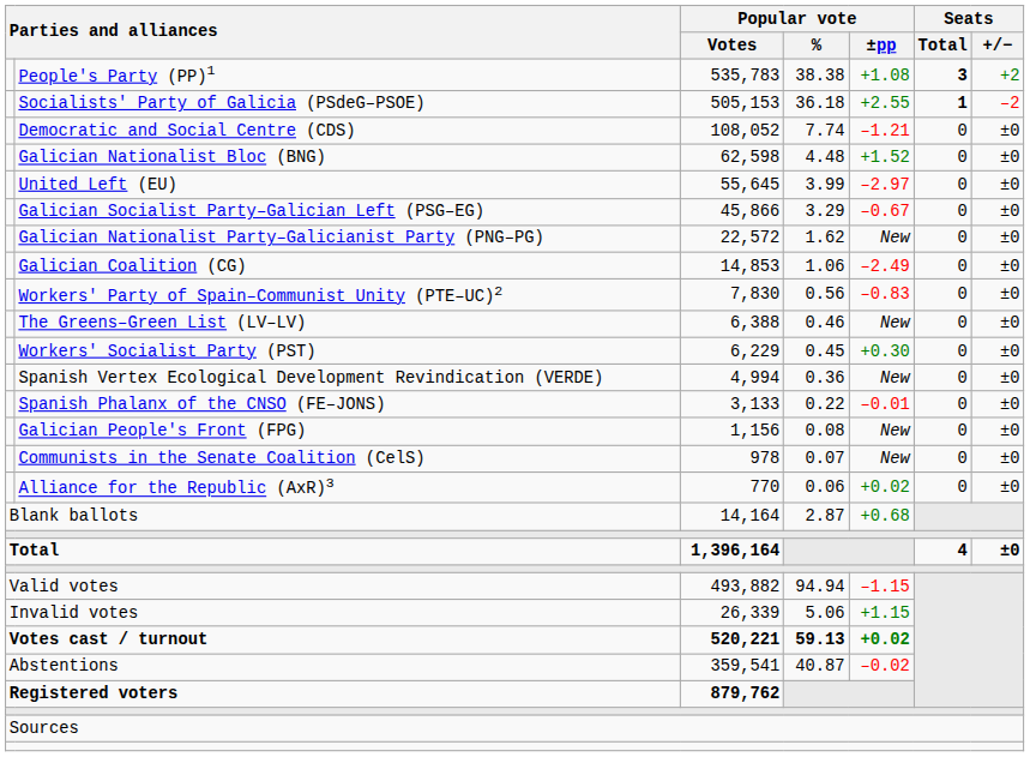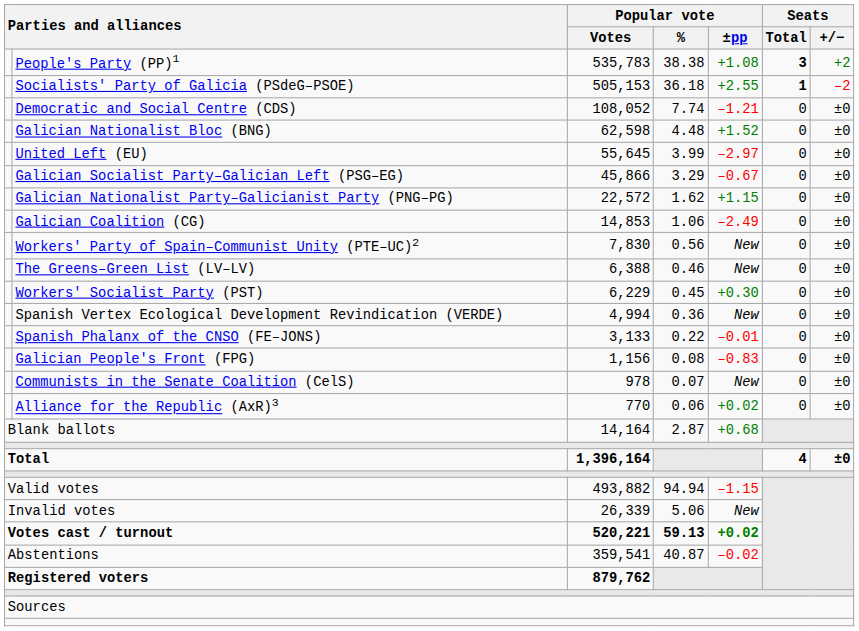 <table class="wikitable" style="text-align:right;">
 <tr>
 <th style="text-align:left;" rowspan="2" colspan="2" width="525">Parties and alliances</th>
 <th colspan="3">Popular vote</th>
 <th colspan="2">Seats</th>
 </tr>
 <tr>
 <th width="75">Votes</th>
 <th width="45">%</th>
 <th width="45">±<a href='#'>pp</a></th>
 <th width="35">Total</th>
 <th width="35">+/−</th>
 </tr>
 <tr>
 <td width="1" style="color:inherit;background:"></td>
 <td align="left"><a href='#'>People's Party</a> (PP)<sup>1</sup></td>
 <td>535,783</td>
 <td>38.38</td>
 <td style="color:green;">+1.08</td>
 <td><strong>3</strong></td>
 <td style="color:green;">+2</td>
 </tr>
 <tr>
 <td style="color:inherit;background:"></td>
 <td align="left"><a href='#'>Socialists' Party of Galicia</a> (PSdeG–PSOE)</td>
 <td>505,153</td>
 <td>36.18</td>
 <td style="color:green;">+2.55</td>
 <td><strong>1</strong></td>
 <td style="color:red;">–2</td>
 </tr>
 <tr>
 <td style="color:inherit;background:"></td>
 <td align="left"><a href='#'>Democratic and Social Centre</a> (CDS)</td>
 <td>108,052</td>
 <td>7.74</td>
 <td style="color:red;">–1.21</td>
 <td>0</td>
 <td>±0</td>
 </tr>
 <tr>
 <td style="color:inherit;background:"></td>
 <td align="left"><a href='#'>Galician Nationalist Bloc</a> (BNG)</td>
 <td>62,598</td>
 <td>4.48</td>
 <td style="color:green;">+1.52</td>
 <td>0</td>
 <td>±0</td>
 </tr>
 <tr>
 <td style="color:inherit;background:"></td>
 <td align="left"><a href='#'>United Left</a> (EU)</td>
 <td>55,645</td>
 <td>3.99</td>
 <td style="color:red;">–2.97</td>
 <td>0</td>
 <td>±0</td>
 </tr>
 <tr>
 <td style="color:inherit;background:"></td>
 <td align="left"><a href='#'>Galician Socialist Party–Galician Left</a> (PSG–EG)</td>
 <td>45,866</td>
 <td>3.29</td>
 <td style="color:red;">–0.67</td>
 <td>0</td>
 <td>±0</td>
 </tr>
 <tr>
 <td style="color:inherit;background:"></td>
 <td align="left"><a href='#'>Galician Nationalist Party–Galicianist Party</a> (PNG–PG)</td>
 <td>22,572</td>
 <td>1.62</td>
-<td><em>New</em></td>
+<td style="color:green;">+1.15</td>
 <td>0</td>
 <td>±0</td>
 </tr>
 <tr>
 <td style="color:inherit;background:"></td>
 <td align="left"><a href='#'>Galician Coalition</a> (CG)</td>
 <td>14,853</td>
 <td>1.06</td>
 <td style="color:red;">–2.49</td>
 <td>0</td>
 <td>±0</td>
 </tr>
 <tr>
 <td style="color:inherit;background:"></td>
 <td align="left"><a href='#'>Workers' Party of Spain–Communist Unity</a> (PTE–UC)<sup>2</sup></td>
 <td>7,830</td>
 <td>0.56</td>
-<td style="color:red;">–0.83</td>
+<td><em>New</em></td>
 <td>0</td>
 <td>±0</td>
 </tr>
 <tr>
 <td style="color:inherit;background:"></td>
 <td align="left"><a href='#'>The Greens–Green List</a> (LV–LV)</td>
 <td>6,388</td>
 <td>0.46</td>
 <td><em>New</em></td>
 <td>0</td>
 <td>±0</td>
 </tr>
 <tr>
 <td style="color:inherit;background:"></td>
 <td align="left"><a href='#'>Workers' Socialist Party</a> (PST)</td>
 <td>6,229</td>
 <td>0.45</td>
 <td style="color:green;">+0.30</td>
 <td>0</td>
 <td>±0</td>
 </tr>
 <tr>
 <td style="color:inherit;background:"></td>
 <td align="left">Spanish Vertex Ecological Development Revindication (VERDE)</td>
 <td>4,994</td>
 <td>0.36</td>
 <td><em>New</em></td>
 <td>0</td>
 <td>±0</td>
 </tr>
 <tr>
 <td style="color:inherit;background:"></td>
 <td align="left"><a href='#'>Spanish Phalanx of the CNSO</a> (FE–JONS)</td>
 <td>3,133</td>
 <td>0.22</td>
 <td style="color:red;">–0.01</td>
 <td>0</td>
 <td>±0</td>
 </tr>
 <tr>
 <td style="color:inherit;background:"></td>
 <td align="left"><a href='#'>Galician People's Front</a> (FPG)</td>
 <td>1,156</td>
 <td>0.08</td>
-<td><em>New</em></td>
+<td style="color:red;">–0.83</td>
 <td>0</td>
 <td>±0</td>
 </tr>
 <tr>
 <td style="color:inherit;background:"></td>
 <td align="left"><a href='#'>Communists in the Senate Coalition</a> (CelS)</td>
 <td>978</td>
 <td>0.07</td>
 <td><em>New</em></td>
 <td>0</td>
 <td>±0</td>
 </tr>
 <tr>
 <td style="color:inherit;background:"></td>
 <td align="left"><a href='#'>Alliance for the Republic</a> (AxR)<sup>3</sup></td>
 <td>770</td>
 <td>0.06</td>
 <td style="color:green;">+0.02</td>
 <td>0</td>
 <td>±0</td>
 </tr>
 <tr>
 <td align="left" colspan="2">Blank ballots</td>
 <td>14,164</td>
 <td>2.87</td>
 <td style="color:green;">+0.68</td>
 <td bgcolor="#E9E9E9" colspan="2"></td>
 </tr>
 <tr>
 <td colspan="7" bgcolor="#E9E9E9"></td>
 </tr>
 <tr style="font-weight:bold;">
 <td align="left" colspan="2">Total</td>
 <td>1,396,164</td>
 <td bgcolor="#E9E9E9" colspan="2"></td>
 <td>4</td>
 <td>±0</td>
 </tr>
 <tr>
 <td colspan="7" bgcolor="#E9E9E9"></td>
 </tr>
 <tr>
 <td align="left" colspan="2">Valid votes</td>
 <td>493,882</td>
 <td>94.94</td>
 <td style="color:red;">–1.15</td>
 <td bgcolor="#E9E9E9" colspan="2" rowspan="5"></td>
 </tr>
 <tr>
 <td align="left" colspan="2">Invalid votes</td>
 <td>26,339</td>
 <td>5.06</td>
-<td style="color:green;">+1.15</td>
+<td><em>New</em></td>
 </tr>
 <tr style="font-weight:bold;">
 <td align="left" colspan="2">Votes cast / turnout</td>
 <td>520,221</td>
 <td>59.13</td>
 <td style="color:green;">+0.02</td>
 </tr>
 <tr>
 <td align="left" colspan="2">Abstentions</td>
 <td>359,541</td>
 <td>40.87</td>
 <td style="color:red;">–0.02</td>
 </tr>
 <tr style="font-weight:bold;">
 <td align="left" colspan="2">Registered voters</td>
 <td>879,762</td>
 <td bgcolor="#E9E9E9" colspan="2"></td>
 </tr>
 <tr>
 <td colspan="7" bgcolor="#E9E9E9"></td>
 </tr>
 <tr>
 <td align="left" colspan="7">Sources</td>
 </tr>
 <tr>
 <td colspan="7" style="text-align:left; max-width:790px;"></td>
 </tr>
 </table>
